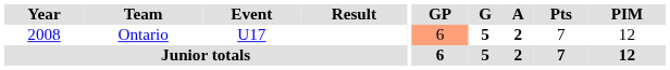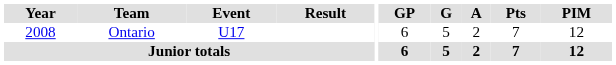 <table border="0" cellpadding="1" cellspacing="0" ID="Table3" style="text-align:center; width:40em">
 <tr ALIGN="center" bgcolor="#e0e0e0">
 <th>Year</th>
 <th>Team</th>
 <th>Event</th>
 <th>Result</th>
 <th rowspan="99" bgcolor="#ffffff"></th>
 <th>GP</th>
 <th>G</th>
 <th>A</th>
 <th>Pts</th>
 <th>PIM</th>
 </tr>
 <tr>
 <td><a href='#'>2008</a></td>
 <td><a href='#'>Ontario</a></td>
 <td><a href='#'>U17</a></td>
 <td></td>
-<td style="background: lightsalmon;">6</td>
-<td><strong>5</strong></td>
-<td><strong>2</strong></td>
+<td>6</td>
+<td>5</td>
+<td>2</td>
 <td>7</td>
 <td>12</td>
 </tr>
 <tr bgcolor="#e0e0e0">
 <th colspan=4>Junior totals</th>
 <th>6</th>
 <th>5</th>
 <th>2</th>
 <th>7</th>
 <th>12</th>
 </tr>
 </table>
